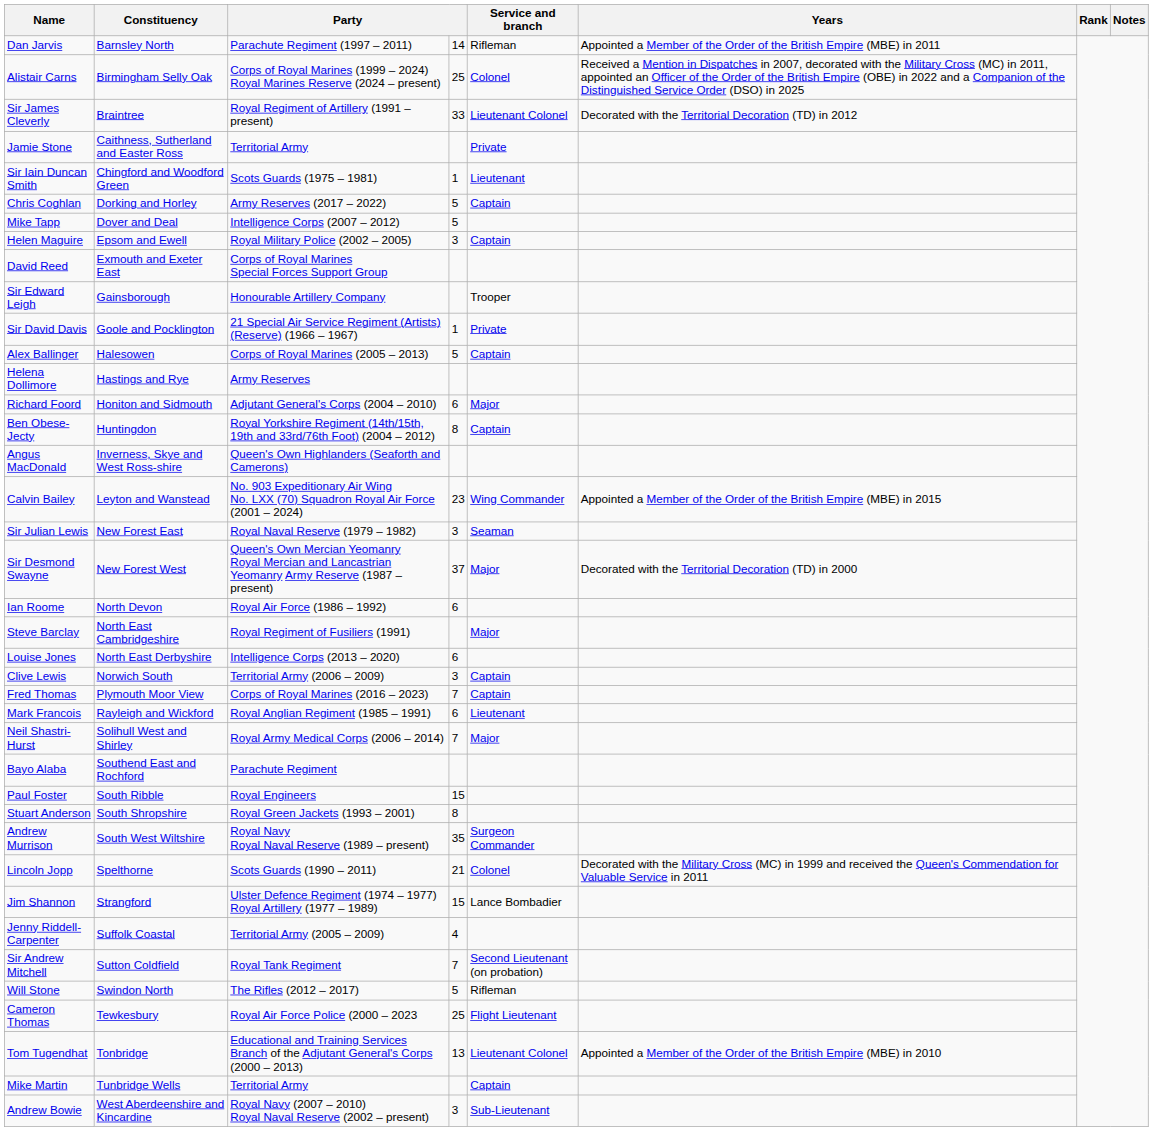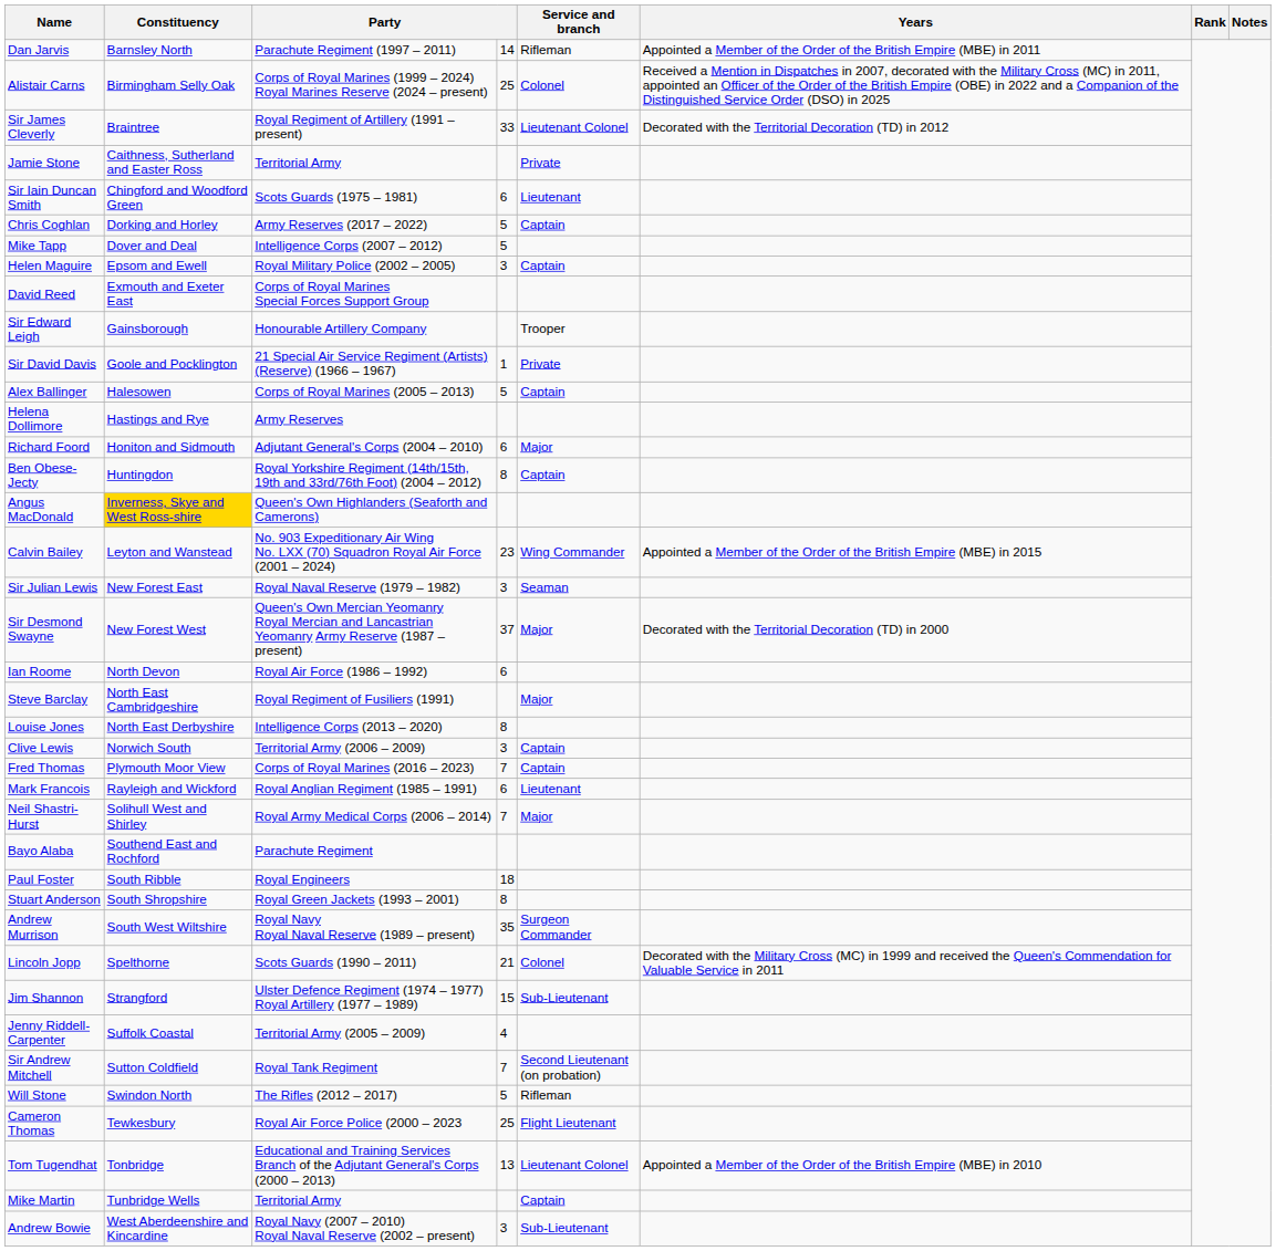 <table class="wikitable sortable">
 <tr>
 <th>Name</th>
 <th>Constituency</th>
 <th colspan="2">Party</th>
 <th>Service and branch</th>
 <th>Years</th>
 <th>Rank</th>
 <th>Notes</th>
 </tr>
 <tr class="vcard">
 <td><a href='#'>Dan Jarvis</a></td>
 <td><a href='#'>Barnsley North</a><br></td>
 <td><a href='#'>Parachute Regiment</a> (1997 – 2011)</td>
 <td>14</td>
 <td>Rifleman</td>
 <td>Appointed a <a href='#'>Member of the Order of the British Empire</a> (MBE) in 2011</td>
 </tr>
 <tr>
 <td><a href='#'>Alistair Carns</a></td>
 <td><a href='#'>Birmingham Selly Oak</a><br></td>
 <td><a href='#'>Corps of Royal Marines</a> (1999 – 2024)<br><a href='#'>Royal Marines Reserve</a> (2024 – present)</td>
 <td>25</td>
 <td><a href='#'>Colonel</a></td>
 <td>Received a <a href='#'>Mention in Dispatches</a> in 2007, decorated with the <a href='#'>Military Cross</a> (MC) in 2011, appointed an <a href='#'>Officer of the Order of the British Empire</a> (OBE) in 2022 and a <a href='#'>Companion of the Distinguished Service Order</a> (DSO) in 2025</td>
 </tr>
 <tr class="vcard">
 <td><a href='#'>Sir James Cleverly</a></td>
 <td><a href='#'>Braintree</a><br></td>
 <td><a href='#'>Royal Regiment of Artillery</a> (1991 – present)</td>
 <td>33</td>
 <td><a href='#'>Lieutenant Colonel</a></td>
 <td>Decorated with the <a href='#'>Territorial Decoration</a> (TD) in 2012</td>
 </tr>
 <tr>
 <td><a href='#'>Jamie Stone</a></td>
 <td><a href='#'>Caithness, Sutherland and Easter Ross</a><br></td>
 <td><a href='#'>Territorial Army</a></td>
 <td></td>
 <td><a href='#'>Private</a></td>
 <td></td>
 </tr>
 <tr class="vcard">
 <td><a href='#'>Sir Iain Duncan Smith</a></td>
 <td><a href='#'>Chingford and Woodford Green</a><br></td>
 <td><a href='#'>Scots Guards</a> (1975 – 1981)</td>
-<td>1</td>
+<td>6</td>
 <td><a href='#'>Lieutenant</a></td>
 <td></td>
 </tr>
 <tr>
 <td><a href='#'>Chris Coghlan</a></td>
 <td><a href='#'>Dorking and Horley</a><br></td>
 <td><a href='#'>Army Reserves</a> (2017 – 2022)</td>
 <td>5</td>
 <td><a href='#'>Captain</a></td>
 <td></td>
 </tr>
 <tr>
 <td><a href='#'>Mike Tapp</a></td>
 <td><a href='#'>Dover and Deal</a><br></td>
 <td><a href='#'>Intelligence Corps</a> (2007 – 2012)</td>
 <td>5</td>
 <td></td>
 <td></td>
 </tr>
 <tr>
 <td><a href='#'>Helen Maguire</a></td>
 <td><a href='#'>Epsom and Ewell</a><br></td>
 <td><a href='#'>Royal Military Police</a> (2002 – 2005)</td>
 <td>3</td>
 <td><a href='#'>Captain</a></td>
 <td></td>
 </tr>
 <tr>
 <td><a href='#'>David Reed</a></td>
 <td><a href='#'>Exmouth and Exeter East</a><br></td>
 <td><a href='#'>Corps of Royal Marines</a><br><a href='#'>Special Forces Support Group</a></td>
 <td></td>
 <td></td>
 <td></td>
 </tr>
 <tr class="vcard">
 <td><a href='#'>Sir Edward Leigh</a></td>
 <td><a href='#'>Gainsborough</a><br></td>
 <td><a href='#'>Honourable Artillery Company</a></td>
 <td></td>
 <td>Trooper</td>
 <td></td>
 </tr>
 <tr class="vcard">
 <td><a href='#'>Sir David Davis</a></td>
 <td><a href='#'>Goole and Pocklington</a><br></td>
 <td><a href='#'>21 Special Air Service Regiment (Artists) (Reserve)</a> (1966 – 1967)</td>
 <td>1</td>
 <td><a href='#'>Private</a></td>
 <td></td>
 </tr>
 <tr>
 <td><a href='#'>Alex Ballinger</a></td>
 <td><a href='#'>Halesowen</a><br></td>
 <td><a href='#'>Corps of Royal Marines</a> (2005 – 2013)</td>
 <td>5</td>
 <td><a href='#'>Captain</a></td>
 <td></td>
 </tr>
 <tr>
 <td><a href='#'>Helena Dollimore</a></td>
 <td><a href='#'>Hastings and Rye</a><br></td>
 <td><a href='#'>Army Reserves</a></td>
 <td></td>
 <td></td>
 <td></td>
 </tr>
 <tr>
 <td><a href='#'>Richard Foord</a></td>
 <td><a href='#'>Honiton and Sidmouth</a><br></td>
 <td><a href='#'>Adjutant General's Corps</a> (2004 – 2010)</td>
 <td>6</td>
 <td><a href='#'>Major</a></td>
 <td></td>
 </tr>
 <tr>
 <td><a href='#'>Ben Obese-Jecty</a></td>
 <td><a href='#'>Huntingdon</a><br></td>
 <td><a href='#'>Royal Yorkshire Regiment (14th/15th, 19th and 33rd/76th Foot)</a> (2004 – 2012)</td>
 <td>8</td>
 <td><a href='#'>Captain</a></td>
 <td></td>
 </tr>
 <tr>
 <td><a href='#'>Angus MacDonald</a></td>
-<td><a href='#'>Inverness, Skye and West Ross-shire</a><br></td>
+<td style="background: gold;"><a href='#'>Inverness, Skye and West Ross-shire</a><br></td>
 <td><a href='#'>Queen's Own Highlanders (Seaforth and Camerons)</a></td>
 <td></td>
 <td></td>
 <td></td>
 </tr>
 <tr>
 <td><a href='#'>Calvin Bailey</a></td>
 <td><a href='#'>Leyton and Wanstead</a><br></td>
 <td><a href='#'>No. 903 Expeditionary Air Wing</a><br><a href='#'>No. LXX (70) Squadron Royal Air Force</a> (2001 – 2024)</td>
 <td>23</td>
 <td><a href='#'>Wing Commander</a></td>
 <td>Appointed a <a href='#'>Member of the Order of the British Empire</a> (MBE) in 2015</td>
 </tr>
 <tr class="vcard">
 <td><a href='#'>Sir Julian Lewis</a></td>
 <td><a href='#'>New Forest East</a><br></td>
 <td><a href='#'>Royal Naval Reserve</a> (1979 – 1982)</td>
 <td>3</td>
 <td><a href='#'>Seaman</a></td>
 <td></td>
 </tr>
 <tr class="vcard">
 <td><a href='#'>Sir Desmond Swayne</a></td>
 <td><a href='#'>New Forest West</a><br></td>
 <td><a href='#'>Queen's Own Mercian Yeomanry</a><br><a href='#'>Royal Mercian and Lancastrian Yeomanry</a>  <a href='#'>Army Reserve</a> (1987 – present)</td>
 <td>37</td>
 <td><a href='#'>Major</a></td>
 <td>Decorated with the <a href='#'>Territorial Decoration</a> (TD) in 2000</td>
 </tr>
 <tr>
 <td><a href='#'>Ian Roome</a></td>
 <td><a href='#'>North Devon</a><br></td>
 <td><a href='#'>Royal Air Force</a> (1986 – 1992)</td>
 <td>6</td>
 <td></td>
 <td></td>
 </tr>
 <tr class="vcard">
 <td><a href='#'>Steve Barclay</a></td>
 <td><a href='#'>North East Cambridgeshire</a><br></td>
 <td><a href='#'>Royal Regiment of Fusiliers</a> (1991)</td>
 <td></td>
 <td><a href='#'>Major</a></td>
 <td></td>
 </tr>
 <tr>
 <td><a href='#'>Louise Jones</a></td>
 <td><a href='#'>North East Derbyshire</a><br></td>
 <td><a href='#'>Intelligence Corps</a> (2013 – 2020)</td>
-<td>6</td>
+<td>8</td>
 <td></td>
 <td></td>
 </tr>
 <tr class="vcard">
 <td><a href='#'>Clive Lewis</a></td>
 <td><a href='#'>Norwich South</a><br></td>
 <td><a href='#'>Territorial Army</a> (2006 – 2009)</td>
 <td>3</td>
 <td><a href='#'>Captain</a></td>
 <td></td>
 </tr>
 <tr>
 <td><a href='#'>Fred Thomas</a></td>
 <td><a href='#'>Plymouth Moor View</a><br></td>
 <td><a href='#'>Corps of Royal Marines</a> (2016 – 2023)</td>
 <td>7</td>
 <td><a href='#'>Captain</a></td>
 <td></td>
 </tr>
 <tr class="vcard">
 <td><a href='#'>Mark Francois</a></td>
 <td><a href='#'>Rayleigh and Wickford</a><br></td>
 <td><a href='#'>Royal Anglian Regiment</a> (1985 – 1991)</td>
 <td>6</td>
 <td><a href='#'>Lieutenant</a></td>
 <td></td>
 </tr>
 <tr>
 <td><a href='#'>Neil Shastri-Hurst</a></td>
 <td><a href='#'>Solihull West and Shirley</a><br></td>
 <td><a href='#'>Royal Army Medical Corps</a> (2006 – 2014)</td>
 <td>7</td>
 <td><a href='#'>Major</a></td>
 <td></td>
 </tr>
 <tr>
 <td><a href='#'>Bayo Alaba</a></td>
 <td><a href='#'>Southend East and Rochford</a><br></td>
 <td><a href='#'>Parachute Regiment</a></td>
 <td></td>
 <td></td>
 <td></td>
 </tr>
 <tr>
 <td><a href='#'>Paul Foster</a></td>
 <td><a href='#'>South Ribble</a><br></td>
 <td><a href='#'>Royal Engineers</a></td>
-<td>15</td>
+<td>18</td>
 <td></td>
 <td></td>
 </tr>
 <tr class="vcard">
 <td><a href='#'>Stuart Anderson</a></td>
 <td><a href='#'>South Shropshire</a><br></td>
 <td><a href='#'>Royal Green Jackets</a> (1993 – 2001)</td>
 <td>8</td>
 <td></td>
 <td></td>
 </tr>
 <tr class="vcard">
 <td><a href='#'>Andrew Murrison</a></td>
 <td><a href='#'>South West Wiltshire</a><br></td>
 <td><a href='#'>Royal Navy</a><br><a href='#'>Royal Naval Reserve</a> (1989 – present)</td>
 <td>35</td>
 <td><a href='#'>Surgeon Commander</a></td>
 <td></td>
 </tr>
 <tr>
 <td><a href='#'>Lincoln Jopp</a></td>
 <td><a href='#'>Spelthorne</a><br></td>
 <td><a href='#'>Scots Guards</a> (1990 – 2011)</td>
 <td>21</td>
 <td><a href='#'>Colonel</a></td>
 <td>Decorated with the <a href='#'>Military Cross</a> (MC) in 1999 and received the <a href='#'>Queen's Commendation for Valuable Service</a> in 2011</td>
 </tr>
 <tr>
 <td><a href='#'>Jim Shannon</a></td>
 <td><a href='#'>Strangford</a><br></td>
 <td><a href='#'>Ulster Defence Regiment</a> (1974 – 1977)<br><a href='#'>Royal Artillery</a> (1977 – 1989)</td>
 <td>15</td>
-<td>Lance Bombadier</td>
+<td><a href='#'>Sub-Lieutenant</a></td>
 <td></td>
 </tr>
 <tr>
 <td><a href='#'>Jenny Riddell-Carpenter</a></td>
 <td><a href='#'>Suffolk Coastal</a><br></td>
 <td><a href='#'>Territorial Army</a> (2005 – 2009)</td>
 <td>4</td>
 <td></td>
 <td></td>
 </tr>
 <tr class="vcard">
 <td><a href='#'>Sir Andrew Mitchell</a></td>
 <td><a href='#'>Sutton Coldfield</a><br></td>
 <td><a href='#'>Royal Tank Regiment</a></td>
 <td>7</td>
 <td><a href='#'>Second Lieutenant</a> (on probation)</td>
 <td></td>
 </tr>
 <tr>
 <td><a href='#'>Will Stone</a></td>
 <td><a href='#'>Swindon North</a><br></td>
 <td><a href='#'>The Rifles</a> (2012 – 2017)</td>
 <td>5</td>
 <td>Rifleman</td>
 <td></td>
 </tr>
 <tr>
 <td><a href='#'>Cameron Thomas</a></td>
 <td><a href='#'>Tewkesbury</a><br></td>
 <td><a href='#'>Royal Air Force Police</a> (2000 – 2023</td>
 <td>25</td>
 <td><a href='#'>Flight Lieutenant</a></td>
 <td></td>
 </tr>
 <tr class="vcard">
 <td><a href='#'>Tom Tugendhat</a></td>
 <td><a href='#'>Tonbridge</a><br></td>
 <td><a href='#'>Educational and Training Services Branch</a> of the <a href='#'>Adjutant General's Corps</a> (2000 – 2013)</td>
 <td>13</td>
 <td><a href='#'>Lieutenant Colonel</a></td>
 <td>Appointed a <a href='#'>Member of the Order of the British Empire</a> (MBE) in 2010</td>
 </tr>
 <tr>
 <td><a href='#'>Mike Martin</a></td>
 <td><a href='#'>Tunbridge Wells</a><br></td>
 <td><a href='#'>Territorial Army</a></td>
 <td></td>
 <td><a href='#'>Captain</a></td>
 <td></td>
 </tr>
 <tr class="vcard">
 <td><a href='#'>Andrew Bowie</a></td>
 <td><a href='#'>West Aberdeenshire and Kincardine</a><br></td>
 <td><a href='#'>Royal Navy</a> (2007 – 2010)<br><a href='#'>Royal Naval Reserve</a> (2002 – present)</td>
 <td>3</td>
 <td><a href='#'>Sub-Lieutenant</a></td>
 <td></td>
 </tr>
 </table>
